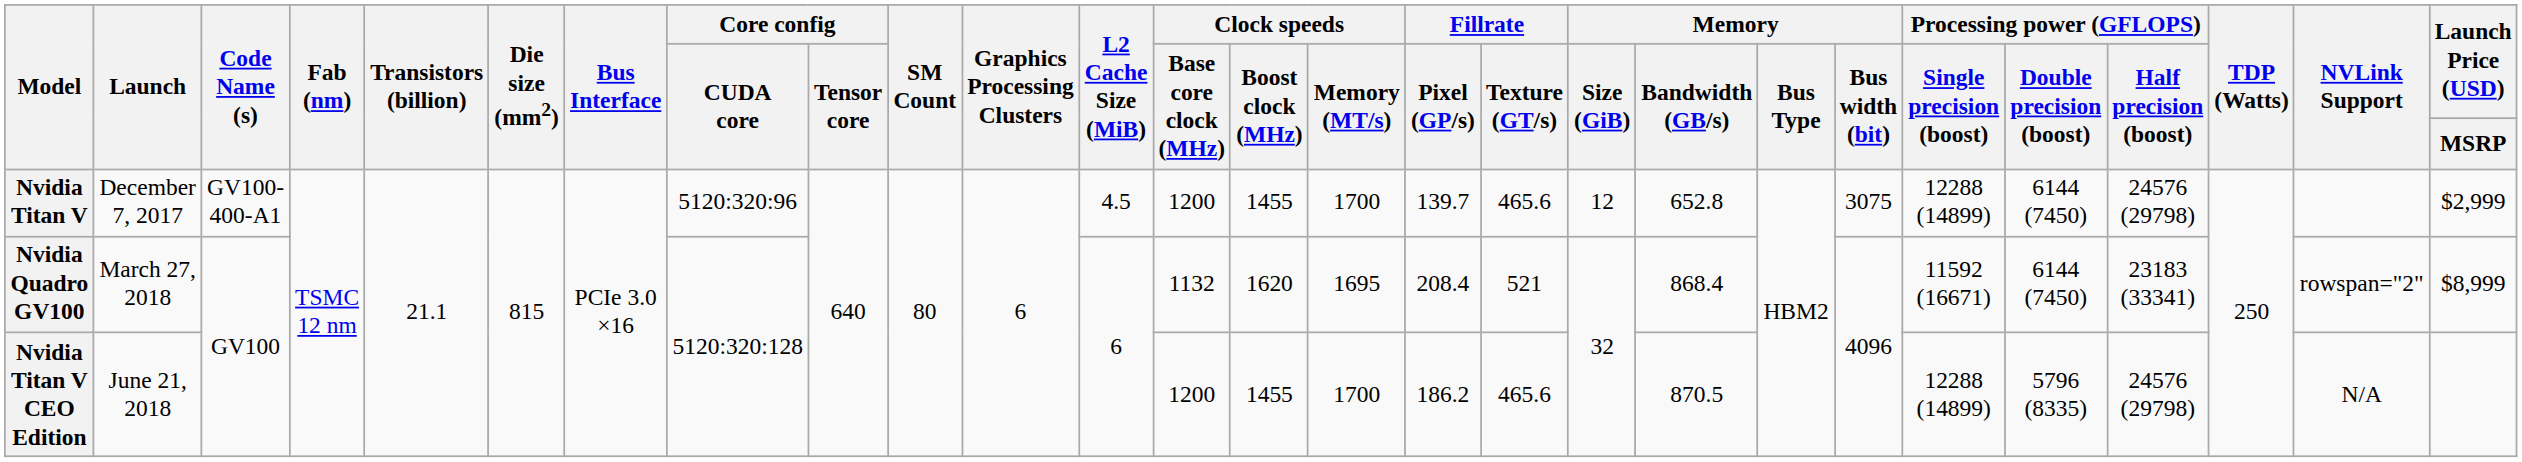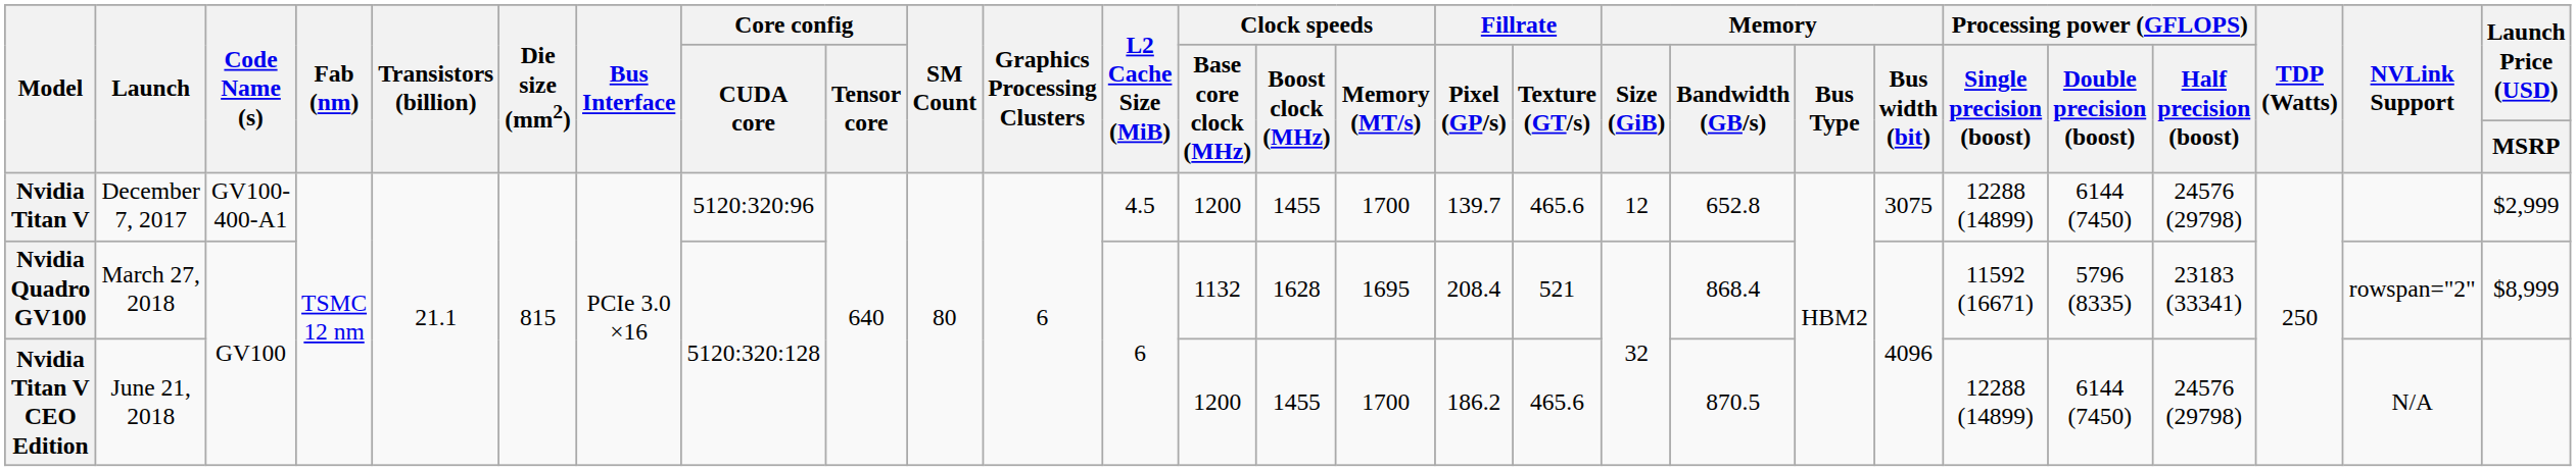 <table class="wikitable" style="font-size: 83%; text-align: center;">
 <tr>
 <th rowspan="3">Model</th>
 <th rowspan="3">Launch</th>
 <th rowspan="3"><a href='#'>Code Name</a> (s)</th>
 <th rowspan="3">Fab<br>(<a href='#'>nm</a>)</th>
 <th rowspan="3">Transistors<br>(billion)</th>
 <th rowspan="3">Die size<br>(mm<sup>2</sup>)</th>
 <th rowspan="3"><a href='#'>Bus</a> <a href='#'>Interface</a></th>
 <th colspan="2">Core config</th>
 <th rowspan="3">SM<br>Count</th>
 <th rowspan="3">Graphics<br>Processing<br>Clusters</th>
 <th rowspan="3"><a href='#'>L2 Cache</a><br>Size (<a href='#'>MiB</a>)</th>
 <th colspan="3">Clock speeds</th>
 <th colspan="2"><a href='#'>Fillrate</a></th>
 <th colspan="4">Memory</th>
 <th colspan="3">Processing power (<a href='#'>GFLOPS</a>)</th>
 <th rowspan="3"><a href='#'>TDP</a><br>(Watts)</th>
 <th rowspan="3"><a href='#'>NVLink</a> Support</th>
 <th rowspan="2">Launch Price<br>(<a href='#'>USD</a>)</th>
 </tr>
 <tr>
 <th rowspan="2">CUDA<br>core</th>
 <th rowspan="2">Tensor<br>core</th>
 <th rowspan="2">Base core<br>clock (<a href='#'>MHz</a>)</th>
 <th rowspan="2">Boost clock<br>(<a href='#'>MHz</a>)</th>
 <th rowspan="2">Memory<br>(<a href='#'>MT/s</a>)</th>
 <th rowspan="2">Pixel<br>(<a href='#'>GP</a>/s)</th>
 <th rowspan="2">Texture<br>(<a href='#'>GT</a>/s)</th>
 <th rowspan="2">Size<br>(<a href='#'>GiB</a>)</th>
 <th rowspan="2">Bandwidth<br>(<a href='#'>GB</a>/s)</th>
 <th rowspan="2">Bus<br>Type</th>
 <th rowspan="2">Bus width<br>(<a href='#'>bit</a>)</th>
 <th rowspan="2"><a href='#'>Single<br>precision</a> (boost)<br></th>
 <th rowspan="2"><a href='#'>Double<br>precision</a> (boost)<br></th>
 <th rowspan="2"><a href='#'>Half<br>precision</a> (boost)<br></th>
 </tr>
 <tr>
 <th rowspan="1">MSRP</th>
 </tr>
 <tr>
 <th>Nvidia Titan V</th>
 <td>December 7, 2017</td>
 <td>GV100-400-A1</td>
 <td rowspan="3"><a href='#'>TSMC</a> <a href='#'>12&nbsp;nm</a></td>
 <td rowspan="3">21.1</td>
 <td rowspan="3">815</td>
 <td rowspan="3">PCIe 3.0 ×16</td>
 <td>5120:320:96</td>
 <td rowspan="3">640</td>
 <td rowspan="3">80</td>
 <td rowspan="3">6</td>
 <td>4.5</td>
 <td>1200</td>
 <td>1455</td>
 <td>1700</td>
 <td>139.7</td>
 <td>465.6</td>
 <td>12</td>
 <td>652.8</td>
 <td rowspan="3">HBM2</td>
 <td>3075</td>
 <td>12288 (14899)</td>
 <td>6144 (7450)</td>
 <td>24576 (29798)</td>
 <td rowspan="3">250</td>
 <td></td>
 <td>$2,999</td>
 </tr>
 <tr>
 <th>Nvidia Quadro GV100</th>
 <td>March 27, 2018</td>
 <td rowspan="2">GV100</td>
 <td rowspan="2">5120:320:128</td>
 <td rowspan="2">6</td>
 <td>1132</td>
-<td>1620</td>
+<td>1628</td>
 <td>1695</td>
 <td>208.4</td>
 <td>521</td>
 <td rowspan="2">32</td>
 <td>868.4</td>
 <td rowspan="2">4096</td>
 <td>11592 (16671)</td>
-<td>6144 (7450)</td>
+<td>5796 (8335)</td>
 <td>23183 (33341)</td>
 <td>rowspan="2" </td>
 <td>$8,999</td>
 </tr>
 <tr>
 <th>Nvidia Titan V CEO Edition</th>
 <td>June 21, 2018</td>
 <td>1200</td>
 <td>1455</td>
 <td>1700</td>
 <td>186.2</td>
 <td>465.6</td>
 <td>870.5</td>
 <td>12288 (14899)</td>
-<td>5796 (8335)</td>
+<td>6144 (7450)</td>
 <td>24576 (29798)</td>
 <td>N/A</td>
 </tr>
 </table>
